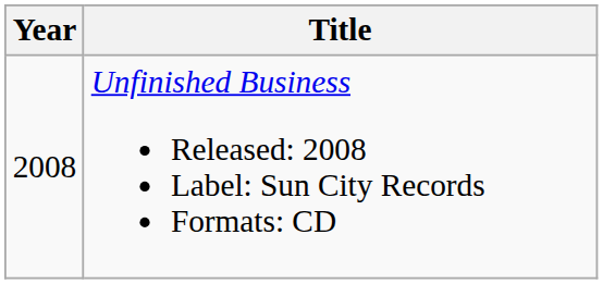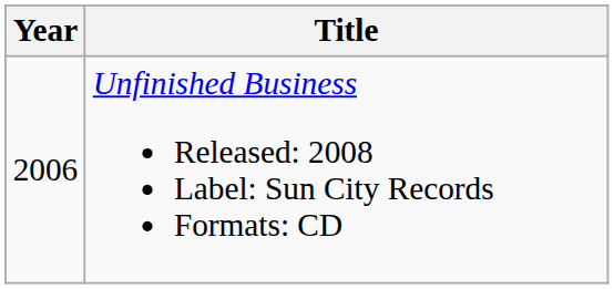 <table class="wikitable">
 <tr>
 <th>Year</th>
 <th width="250">Title</th>
 </tr>
 <tr>
-<td>2008</td>
+<td>2006</td>
 <td><em><a href='#'>Unfinished Business</a></em><br><ul><li>Released: 2008</li><li>Label: Sun City Records</li><li>Formats: CD</li></ul></td>
 </tr>
 </table>
